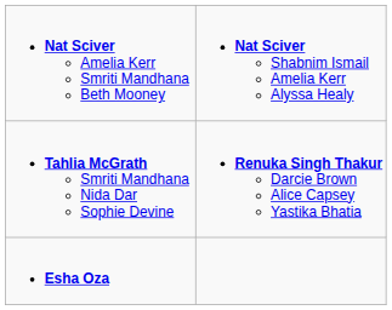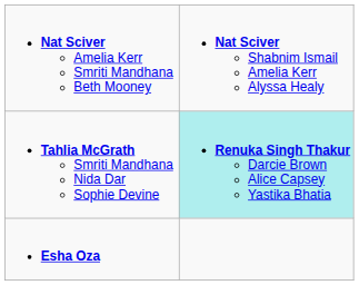 <table class=wikitable>
 <tr>
 <td valign="top" width="50%"><br><ul><li><strong> <a href='#'>Nat Sciver</a></strong><ul><li> <a href='#'>Amelia Kerr</a></li><li> <a href='#'>Smriti Mandhana</a></li><li> <a href='#'>Beth Mooney</a></li></ul></li></ul></td>
 <td valign="top" width="50%"><br><ul><li><strong> <a href='#'>Nat Sciver</a></strong><ul><li> <a href='#'>Shabnim Ismail</a></li><li> <a href='#'>Amelia Kerr</a></li><li> <a href='#'>Alyssa Healy</a></li></ul></li></ul></td>
 </tr>
 <tr>
 <td valign="top" width="50%"><br><ul><li><strong> <a href='#'>Tahlia McGrath</a></strong><ul><li> <a href='#'>Smriti Mandhana</a></li><li> <a href='#'>Nida Dar</a></li><li> <a href='#'>Sophie Devine</a></li></ul></li></ul></td>
-<td valign="top" width="50%"><br><ul><li><strong> <a href='#'>Renuka Singh Thakur</a></strong><ul><li> <a href='#'>Darcie Brown</a></li><li> <a href='#'>Alice Capsey</a></li><li> <a href='#'>Yastika Bhatia</a></li></ul></li></ul></td>
+<td valign="top" width="50%" style="background: paleturquoise;"><br><ul><li><strong> <a href='#'>Renuka Singh Thakur</a></strong><ul><li> <a href='#'>Darcie Brown</a></li><li> <a href='#'>Alice Capsey</a></li><li> <a href='#'>Yastika Bhatia</a></li></ul></li></ul></td>
 </tr>
 <tr>
 <td valign="top" width="50%"><br><ul><li><strong> <a href='#'>Esha Oza</a></strong></li></ul></td>
 </tr>
 </table>
